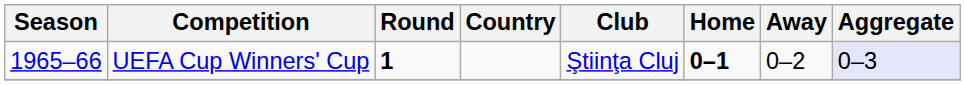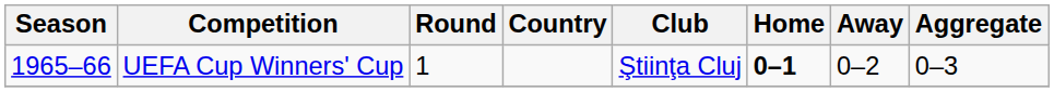 <table class="wikitable">
 <tr>
 <th>Season</th>
 <th>Competition</th>
 <th>Round</th>
 <th>Country</th>
 <th>Club</th>
 <th>Home</th>
 <th>Away</th>
 <th>Aggregate</th>
 </tr>
 <tr>
 <td><a href='#'>1965–66</a></td>
 <td><a href='#'>UEFA Cup Winners' Cup</a></td>
-<td><strong>1</strong></td>
+<td>1</td>
 <td></td>
 <td><a href='#'>Ştiinţa Cluj</a></td>
 <td><strong>0–1</strong></td>
 <td>0–2</td>
-<td style="background: lavender;">0–3</td>
+<td>0–3</td>
 </tr>
 <tr>
 </tr>
 </table>
